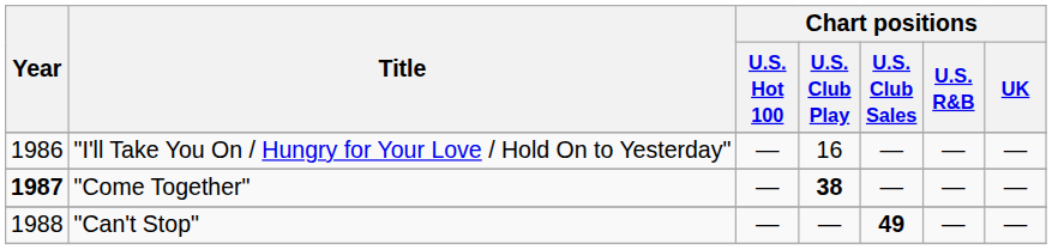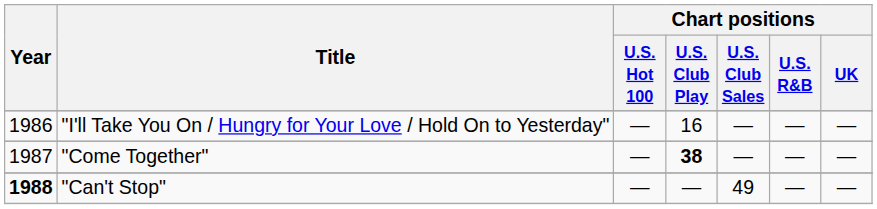 <table class="wikitable" style=text-align:center;>
 <tr>
 <th rowspan="2">Year</th>
 <th rowspan="2">Title</th>
 <th colspan="7">Chart positions</th>
 </tr>
 <tr>
 <th width="35"><small><a href='#'>U.S. Hot 100</a></small></th>
 <th width="35"><small><a href='#'>U.S. Club Play</a></small></th>
 <th width="35"><small><a href='#'>U.S. Club Sales</a></small></th>
 <th width="35"><small><a href='#'>U.S. R&B</a></small></th>
 <th width="35"><small><a href='#'>UK</a></small> <br></th>
 </tr>
 <tr>
 </tr>
 <tr>
 <td>1986</td>
 <td align="left">"I'll Take You On / <a href='#'>Hungry for Your Love</a> / Hold On to Yesterday"</td>
 <td>—</td>
 <td>16</td>
 <td>—</td>
 <td>—</td>
 <td>—</td>
 </tr>
 <tr>
 </tr>
 <tr>
-<td><strong>1987</strong></td>
+<td>1987</td>
 <td align="left">"Come Together"</td>
 <td>—</td>
 <td><strong>38</strong></td>
 <td>—</td>
 <td>—</td>
 <td>—</td>
 </tr>
 <tr>
 </tr>
 <tr>
-<td>1988</td>
+<td><strong>1988</strong></td>
 <td align="left">"Can't Stop"</td>
 <td>—</td>
 <td>—</td>
-<td><strong>49</strong></td>
+<td>49</td>
 <td>—</td>
 <td>—</td>
 </tr>
 <tr>
 </tr>
 </table>
